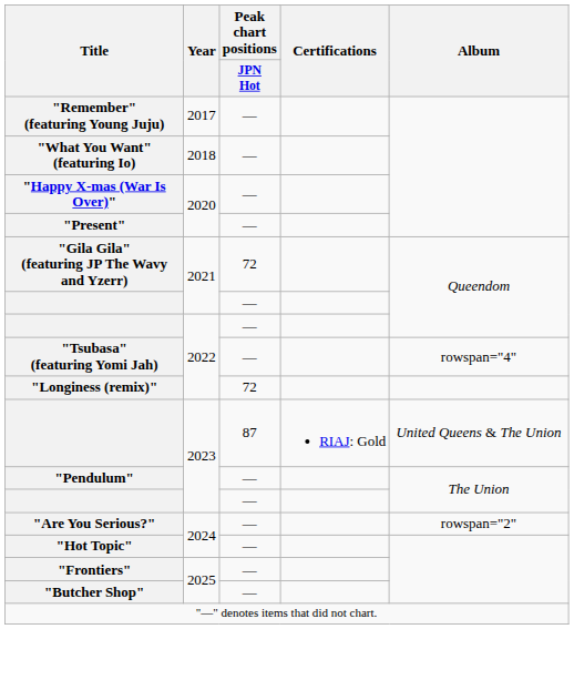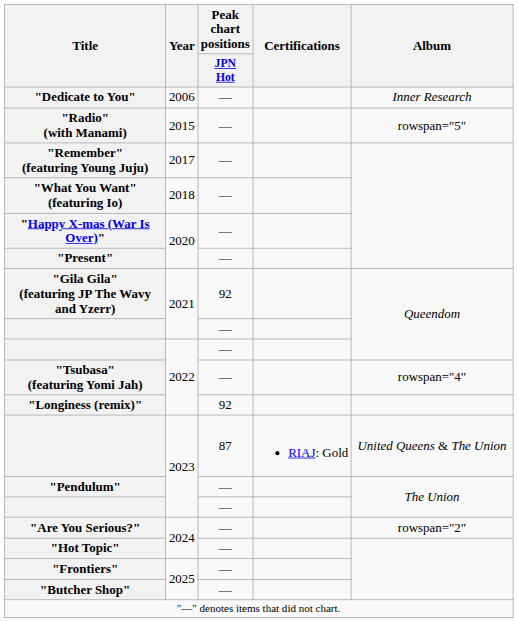 <table class="wikitable plainrowheaders" style="text-align:center;">
 <tr>
 <th scope="col" rowspan="2" style="width:12em;">Title</th>
 <th scope="col" rowspan="2" style="width:1em;">Year</th>
 <th>Peak chart positions</th>
 <th scope="col" rowspan="2">Certifications</th>
 <th scope="col" rowspan="2" style="width:12em;">Album</th>
 </tr>
 <tr>
 <th scope="col" style="width:3em;font-size:90%;"><a href='#'>JPN<br>Hot</a><br></th>
+</tr>
+<tr>
+<th scope="row">"Dedicate to You"</th>
+<td>2006</td>
+<td>—</td>
+<td></td>
+<td><em>Inner Research</em></td>
+</tr>
+<tr>
+<th scope="row">"Radio"<br><span>(with Manami)</span></th>
+<td>2015</td>
+<td>—</td>
+<td></td>
+<td>rowspan="5" </td>
 </tr>
 <tr>
 <th scope="row">"Remember"<br><span>(featuring Young Juju)</span></th>
 <td>2017</td>
 <td>—</td>
 <td></td>
 </tr>
 <tr>
 <th scope="row">"What You Want"<br><span>(featuring Io)</span></th>
 <td>2018</td>
 <td>—</td>
 <td></td>
 </tr>
 <tr>
 <th scope="row">"<a href='#'>Happy X-mas (War Is Over)</a>"</th>
 <td rowspan="2">2020</td>
 <td>—</td>
 <td></td>
 </tr>
 <tr>
 <th scope="row">"Present"</th>
 <td>—</td>
 <td></td>
 </tr>
 <tr>
 <th scope="row">"Gila Gila"<br><span>(featuring JP The Wavy and Yzerr)</span></th>
 <td rowspan="2">2021</td>
-<td>72</td>
+<td>92</td>
 <td></td>
 <td rowspan="3"><em>Queendom</em></td>
 </tr>
 <tr>
 <th scope="row"></th>
 <td>—</td>
 <td></td>
 </tr>
 <tr>
 <th scope="row"></th>
 <td rowspan="3">2022</td>
 <td>—</td>
 <td></td>
 </tr>
 <tr>
 <th scope="row">"Tsubasa"<br><span>(featuring Yomi Jah)</span></th>
 <td>—</td>
 <td></td>
 <td>rowspan="4" </td>
 </tr>
 <tr>
 <th scope="row">"Longiness (remix)"<br></th>
-<td>72</td>
+<td>92</td>
 <td></td>
 </tr>
 <tr>
 <th scope="row"><br></th>
 <td rowspan="3">2023</td>
 <td>87</td>
 <td><br><ul><li><a href='#'>RIAJ</a>: Gold </li></ul></td>
 <td><em>United Queens</em> & <em>The Union</em></td>
 </tr>
 <tr>
 <th scope="row">"Pendulum"</th>
 <td>—</td>
 <td></td>
 <td rowspan="2"><em>The Union</em></td>
 </tr>
 <tr>
 <th scope="row"></th>
 <td>—</td>
 <td></td>
 </tr>
 <tr>
 <th scope="row">"Are You Serious?"</th>
 <td rowspan="2">2024</td>
 <td>—</td>
 <td></td>
 <td>rowspan="2" </td>
 </tr>
 <tr>
 <th scope="row">"Hot Topic"</th>
 <td>—</td>
 <td></td>
 </tr>
 <tr>
 <th scope="row">"Frontiers"</th>
 <td rowspan="2">2025</td>
 <td>—</td>
 <td></td>
 </tr>
 <tr>
 <th scope="row">"Butcher Shop"<br></th>
 <td>—</td>
 <td></td>
 </tr>
 <tr>
 <td colspan="5" style="text-align:center; font-size:85%;">"—" denotes items that did not chart.</td>
 </tr>
 </table>
